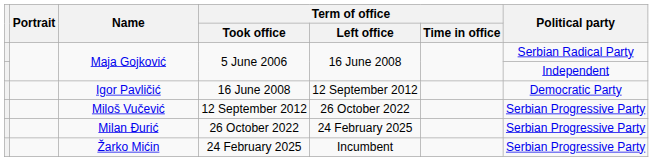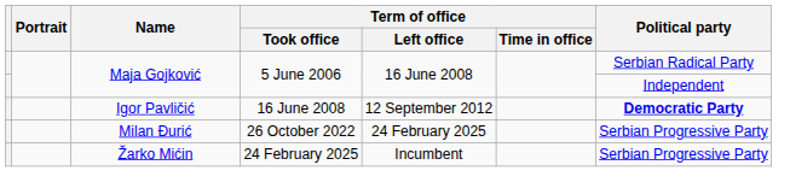 <table class="wikitable" style="text-align:center;">
 <tr>
 <th rowspan=2></th>
 <th rowspan=2>Portrait</th>
 <th rowspan=2 width=180>Name<br></th>
 <th colspan=3>Term of office</th>
 <th rowspan=2>Political party</th>
 </tr>
 <tr>
 <th>Took office</th>
 <th>Left office</th>
 <th>Time in office</th>
 </tr>
 <tr>
 <th style="background:"></th>
 <td rowspan=2></td>
 <td rowspan=2><a href='#'>Maja Gojković</a><br></td>
 <td rowspan=2>5 June 2006</td>
 <td rowspan=2>16 June 2008</td>
 <td rowspan=2></td>
 <td><a href='#'>Serbian Radical Party</a><br></td>
 </tr>
 <tr>
 <th style="background:"></th>
 <td><a href='#'>Independent</a></td>
 </tr>
 <tr>
 <th style="background:"></th>
 <td></td>
 <td><a href='#'>Igor Pavličić</a><br></td>
 <td>16 June 2008</td>
 <td>12 September 2012</td>
 <td></td>
-<td><a href='#'>Democratic Party</a></td>
-</tr>
-<tr>
-<th style="background:"></th>
-<td></td>
-<td><a href='#'>Miloš Vučević</a><br></td>
-<td>12 September 2012</td>
-<td>26 October 2022</td>
-<td></td>
-<td><a href='#'>Serbian Progressive Party</a></td>
+<td><strong><a href='#'>Democratic Party</a></strong></td>
 </tr>
 <tr>
 <th style="background:"></th>
 <td></td>
 <td><a href='#'>Milan Đurić</a><br></td>
 <td>26 October 2022</td>
 <td>24 February 2025</td>
 <td></td>
 <td><a href='#'>Serbian Progressive Party</a></td>
 </tr>
 <tr>
 <th style="background:"></th>
 <td></td>
 <td><a href='#'>Žarko Mićin</a><br></td>
 <td>24 February 2025</td>
 <td>Incumbent</td>
 <td></td>
 <td><a href='#'>Serbian Progressive Party</a></td>
 </tr>
 </table>
